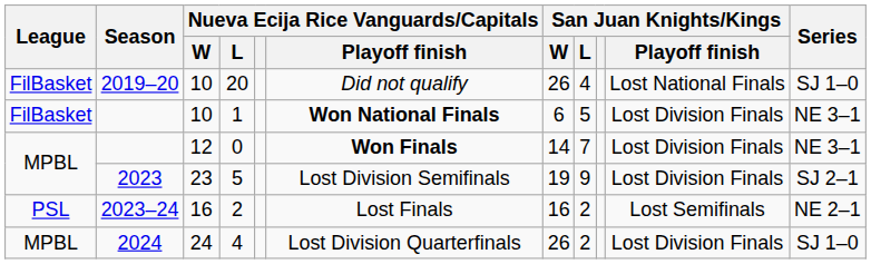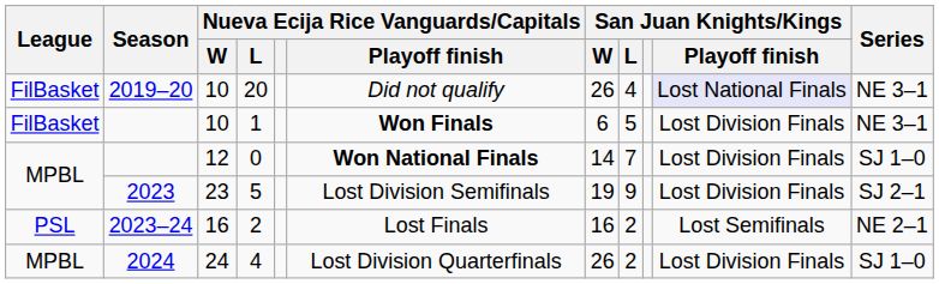 <table class="wikitable sortable" style="text-align:center">
 <tr>
 <th rowspan=2>League</th>
 <th rowspan=2>Season</th>
 <th colspan=4 class="unsortable">Nueva Ecija Rice Vanguards/Capitals</th>
 <th colspan=4 class="unsortable">San Juan Knights/Kings</th>
 <th rowspan=2>Series</th>
 </tr>
 <tr>
 <th>W</th>
 <th>L</th>
 <th></th>
 <th class="unsortable">Playoff finish</th>
 <th>W</th>
 <th>L</th>
 <th></th>
 <th class="unsortable">Playoff finish</th>
 </tr>
 <tr>
 <td><a href='#'>FilBasket</a></td>
 <td><a href='#'>2019–20</a></td>
 <td>10</td>
 <td>20</td>
 <td></td>
 <td><em>Did not qualify</em></td>
 <td>26</td>
 <td>4</td>
 <td></td>
-<td>Lost National Finals</td>
-<td>SJ 1–0</td>
+<td style="background: lavender;">Lost National Finals</td>
+<td>NE 3–1</td>
 </tr>
 <tr>
 <td><a href='#'>FilBasket</a></td>
 <td></td>
 <td>10</td>
 <td>1</td>
 <td></td>
-<td><strong>Won National Finals</strong></td>
+<td><strong>Won Finals</strong></td>
 <td>6</td>
 <td>5</td>
 <td></td>
 <td>Lost Division Finals</td>
 <td>NE 3–1</td>
 </tr>
 <tr>
 <td rowspan=2>MPBL</td>
 <td></td>
 <td>12</td>
 <td>0</td>
 <td></td>
-<td><strong>Won Finals</strong></td>
+<td><strong>Won National Finals</strong></td>
 <td>14</td>
 <td>7</td>
 <td></td>
 <td>Lost Division Finals</td>
-<td>NE 3–1</td>
+<td>SJ 1–0</td>
 </tr>
 <tr>
 <td><a href='#'>2023</a></td>
 <td>23</td>
 <td>5</td>
 <td></td>
 <td>Lost Division Semifinals</td>
 <td>19</td>
 <td>9</td>
 <td></td>
 <td>Lost Division Finals</td>
 <td>SJ 2–1</td>
 </tr>
 <tr>
 <td><a href='#'>PSL</a></td>
 <td><a href='#'>2023–24</a></td>
 <td>16</td>
 <td>2</td>
 <td></td>
 <td>Lost Finals</td>
 <td>16</td>
 <td>2</td>
 <td></td>
 <td>Lost Semifinals</td>
 <td>NE 2–1</td>
 </tr>
 <tr>
 <td>MPBL</td>
 <td><a href='#'>2024</a></td>
 <td>24</td>
 <td>4</td>
 <td></td>
 <td>Lost Division Quarterfinals</td>
 <td>26</td>
 <td>2</td>
 <td></td>
 <td>Lost Division Finals</td>
 <td>SJ 1–0</td>
 </tr>
 </table>
